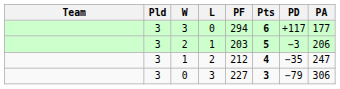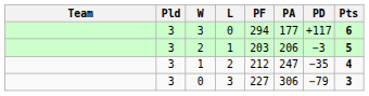 <table class=wikitable style="text-align:center">
 <tr>
 <th width=180>Team</th>
 <th width=30>Pld</th>
 <th width=30>W</th>
 <th width=30>L</th>
 <th width=30>PF</th>
+<th width=30>PA</th>
+<th width=30>PD</th>
 <th width=30>Pts</th>
-<th width=30>PD</th>
-<th width=30>PA</th>
 </tr>
 <tr align=center bgcolor="#ccffcc">
 <td align=left></td>
 <td>3</td>
 <td>3</td>
 <td>0</td>
 <td>294</td>
+<td>177</td>
+<td>+117</td>
 <td><strong>6</strong></td>
-<td>+117</td>
-<td>177</td>
 </tr>
 <tr align=center bgcolor="#ccffcc">
 <td align=left></td>
 <td>3</td>
 <td>2</td>
 <td>1</td>
 <td>203</td>
+<td>206</td>
+<td>−3</td>
 <td><strong>5</strong></td>
-<td>−3</td>
-<td>206</td>
 </tr>
 <tr align=center>
 <td align=left></td>
 <td>3</td>
 <td>1</td>
 <td>2</td>
 <td>212</td>
+<td>247</td>
+<td>−35</td>
 <td><strong>4</strong></td>
-<td>−35</td>
-<td>247</td>
 </tr>
 <tr align=center>
 <td align=left></td>
 <td>3</td>
 <td>0</td>
 <td>3</td>
 <td>227</td>
+<td>306</td>
+<td>−79</td>
 <td><strong>3</strong></td>
-<td>−79</td>
-<td>306</td>
 </tr>
 </table>
